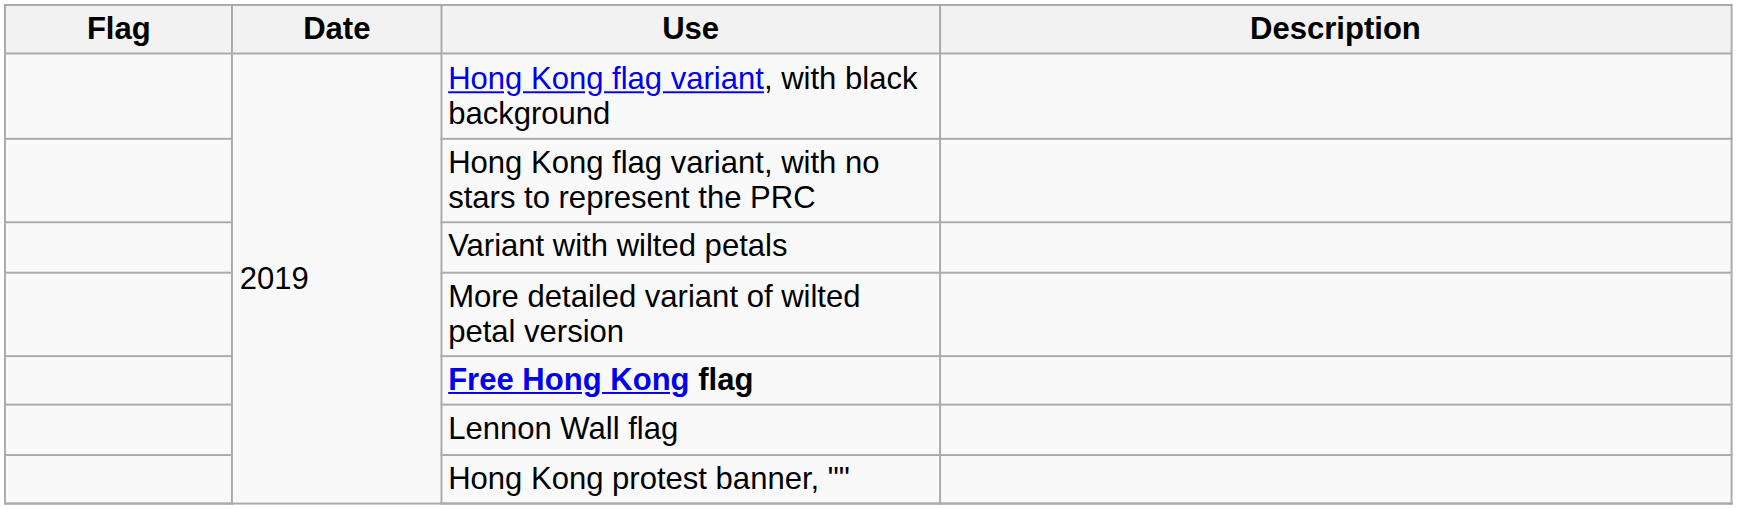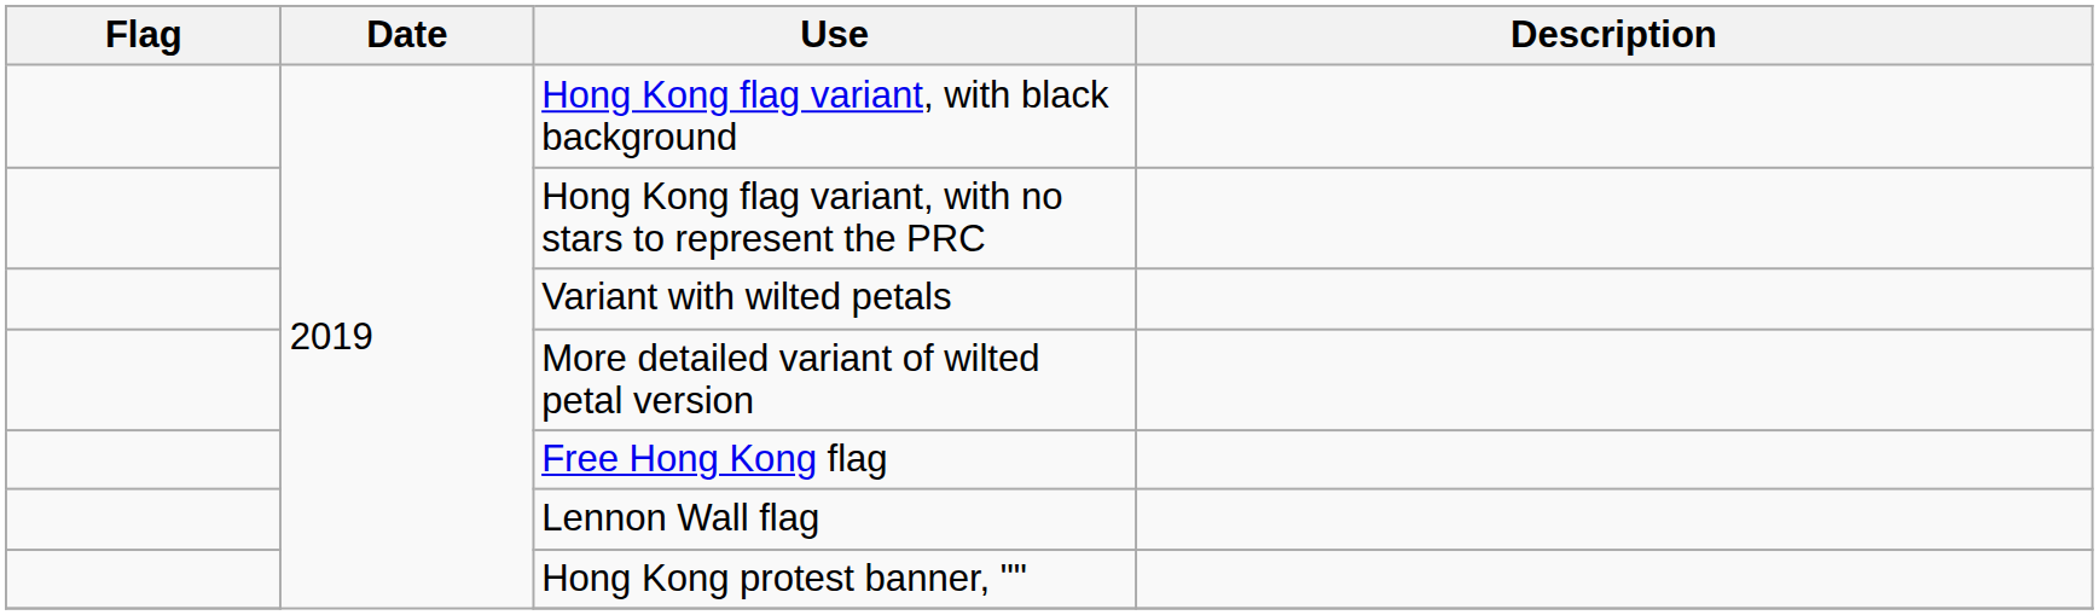 <table class="wikitable" style="background:#f9f9f9">
 <tr>
 <th width="110">Flag</th>
 <th width="100">Date</th>
 <th width="250">Use</th>
 <th width="400">Description</th>
 </tr>
 <tr>
 <td></td>
 <td rowspan="8">2019</td>
 <td><a href='#'>Hong Kong flag variant</a>, with black background</td>
 <td></td>
 </tr>
 <tr>
 <td></td>
 <td>Hong Kong flag variant, with no stars to represent the PRC</td>
 <td></td>
 </tr>
 <tr>
 <td></td>
 <td>Variant with wilted petals</td>
 <td></td>
 </tr>
 <tr>
 <td></td>
 <td>More detailed variant of wilted petal version</td>
 <td></td>
 </tr>
 <tr>
 <td></td>
-<td><strong><a href='#'>Free Hong Kong</a> flag</strong></td>
+<td><a href='#'>Free Hong Kong</a> flag</td>
 <td></td>
 </tr>
 <tr>
 <td></td>
 <td>Lennon Wall flag</td>
 <td></td>
 </tr>
 <tr>
 <td></td>
 <td>Hong Kong protest banner, ""</td>
 <td></td>
 </tr>
 <tr>
 </tr>
 </table>
